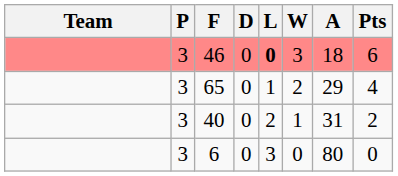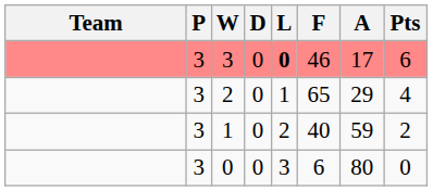 <table class="wikitable" style="text-align:center;">
 <tr>
 <th width="120px">Team</th>
 <th>P</th>
-<th width="23px">F</th>
+<th>W</th>
 <th>D</th>
 <th>L</th>
-<th>W</th>
+<th width="23px">F</th>
 <th width="23px">A</th>
 <th width="23px">Pts</th>
 </tr>
 <tr bgcolor="#FF8888">
 <td></td>
 <td>3</td>
-<td>46</td>
+<td>3</td>
 <td>0</td>
 <td><strong>0</strong></td>
-<td>3</td>
-<td>18</td>
+<td>46</td>
+<td>17</td>
 <td>6</td>
 </tr>
 <tr>
 <td></td>
 <td>3</td>
-<td>65</td>
+<td>2</td>
 <td>0</td>
 <td>1</td>
-<td>2</td>
+<td>65</td>
 <td>29</td>
 <td>4</td>
 </tr>
 <tr>
 <td></td>
 <td>3</td>
-<td>40</td>
+<td>1</td>
 <td>0</td>
 <td>2</td>
-<td>1</td>
-<td>31</td>
+<td>40</td>
+<td>59</td>
 <td>2</td>
 </tr>
 <tr>
 <td></td>
 <td>3</td>
-<td>6</td>
+<td>0</td>
 <td>0</td>
 <td>3</td>
-<td>0</td>
+<td>6</td>
 <td>80</td>
 <td>0</td>
 </tr>
 </table>
